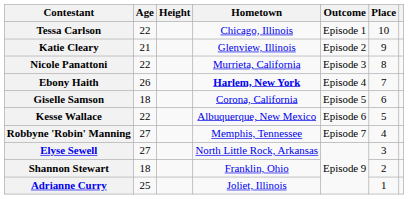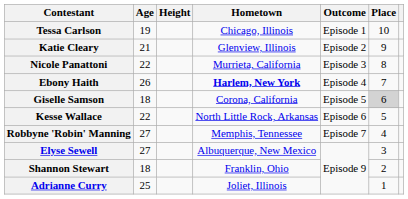 <table class="wikitable sortable plainrowheaders" style="text-align:center;">
 <tr>
 <th>Contestant</th>
 <th>Age</th>
 <th>Height</th>
 <th>Hometown</th>
 <th>Outcome</th>
 <th>Place</th>
 <th></th>
 </tr>
 <tr>
 <th scope="row">Tessa Carlson</th>
-<td>22</td>
+<td>19</td>
 <td></td>
 <td><a href='#'>Chicago, Illinois</a></td>
 <td>Episode 1</td>
 <td>10</td>
 <td></td>
 </tr>
 <tr>
 <th scope="row">Katie Cleary</th>
 <td>21</td>
 <td></td>
 <td><a href='#'>Glenview, Illinois</a></td>
 <td>Episode 2</td>
 <td>9</td>
 <td></td>
 </tr>
 <tr>
 <th scope="row">Nicole Panattoni</th>
 <td>22</td>
 <td></td>
 <td><a href='#'>Murrieta, California</a></td>
 <td>Episode 3</td>
 <td>8</td>
 <td></td>
 </tr>
 <tr>
 <th scope="row">Ebony Haith</th>
 <td>26</td>
 <td></td>
 <td><strong><a href='#'>Harlem, New York</a></strong></td>
 <td>Episode 4</td>
 <td>7</td>
 <td></td>
 </tr>
 <tr>
 <th scope="row">Giselle Samson</th>
 <td>18</td>
 <td></td>
 <td><a href='#'>Corona, California</a></td>
 <td>Episode 5</td>
-<td>6</td>
+<td style="background: lightgrey;">6</td>
 <td></td>
 </tr>
 <tr>
 <th scope="row">Kesse Wallace</th>
 <td>22</td>
 <td></td>
-<td><a href='#'>Albuquerque, New Mexico</a></td>
+<td><a href='#'>North Little Rock, Arkansas</a></td>
 <td>Episode 6</td>
 <td>5</td>
 <td></td>
 </tr>
 <tr>
 <th scope="row">Robbyne 'Robin' Manning</th>
 <td>27</td>
 <td></td>
 <td><a href='#'>Memphis, Tennessee</a></td>
 <td>Episode 7</td>
 <td>4</td>
 <td></td>
 </tr>
 <tr>
 <th scope="row"><a href='#'>Elyse Sewell</a></th>
 <td>27</td>
 <td></td>
-<td><a href='#'>North Little Rock, Arkansas</a></td>
+<td><a href='#'>Albuquerque, New Mexico</a></td>
 <td rowspan="3">Episode 9</td>
 <td>3</td>
 <td></td>
 </tr>
 <tr>
 <th scope="row">Shannon Stewart</th>
 <td>18</td>
 <td></td>
 <td><a href='#'>Franklin, Ohio</a></td>
 <td>2</td>
 <td></td>
 </tr>
 <tr>
 <th scope="row"><a href='#'>Adrianne Curry</a></th>
 <td>25</td>
 <td></td>
 <td><a href='#'>Joliet, Illinois</a></td>
 <td>1</td>
 <td></td>
 </tr>
 </table>
